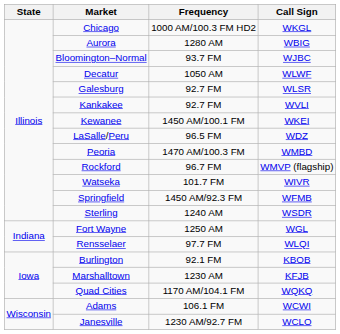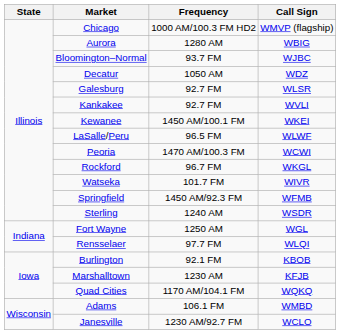 <table class="wikitable" style="text-align: center;">
 <tr>
 <th>State</th>
 <th>Market</th>
 <th>Frequency</th>
 <th>Call Sign</th>
 </tr>
 <tr>
 <td rowspan="13"><a href='#'>Illinois</a></td>
 <td rowspan=1><a href='#'>Chicago</a></td>
 <td>1000 AM/100.3 FM HD2</td>
-<td><a href='#'>WKGL</a></td>
+<td><a href='#'>WMVP</a> (flagship)</td>
 </tr>
 <tr>
 <td><a href='#'>Aurora</a></td>
 <td>1280 AM</td>
 <td><a href='#'>WBIG</a></td>
 </tr>
 <tr>
 <td><a href='#'>Bloomington–Normal</a></td>
 <td>93.7 FM</td>
 <td><a href='#'>WJBC</a></td>
 </tr>
 <tr>
 <td><a href='#'>Decatur</a></td>
 <td>1050 AM</td>
-<td><a href='#'>WLWF</a></td>
+<td><a href='#'>WDZ</a></td>
 </tr>
 <tr>
 <td><a href='#'>Galesburg</a></td>
 <td>92.7 FM</td>
 <td><a href='#'>WLSR</a></td>
 </tr>
 <tr>
 <td><a href='#'>Kankakee</a></td>
 <td>92.7 FM</td>
 <td><a href='#'>WVLI</a></td>
 </tr>
 <tr>
 <td><a href='#'>Kewanee</a></td>
 <td>1450 AM/100.1 FM</td>
 <td><a href='#'>WKEI</a></td>
 </tr>
 <tr>
 <td><a href='#'>LaSalle</a>/<a href='#'>Peru</a></td>
 <td>96.5 FM</td>
-<td><a href='#'>WDZ</a></td>
+<td><a href='#'>WLWF</a></td>
 </tr>
 <tr>
 <td><a href='#'>Peoria</a></td>
 <td>1470 AM/100.3 FM</td>
-<td><a href='#'>WMBD</a></td>
+<td><a href='#'>WCWI</a></td>
 </tr>
 <tr>
 <td><a href='#'>Rockford</a></td>
 <td>96.7 FM</td>
-<td><a href='#'>WMVP</a> (flagship)</td>
+<td><a href='#'>WKGL</a></td>
 </tr>
 <tr>
 <td><a href='#'>Watseka</a></td>
 <td>101.7 FM</td>
 <td><a href='#'>WIVR</a></td>
 </tr>
 <tr>
 <td><a href='#'>Springfield</a></td>
 <td>1450 AM/92.3 FM</td>
 <td><a href='#'>WFMB</a></td>
 </tr>
 <tr>
 <td><a href='#'>Sterling</a></td>
 <td>1240 AM</td>
 <td><a href='#'>WSDR</a></td>
 </tr>
 <tr>
 <td rowspan="2"><a href='#'>Indiana</a></td>
 <td><a href='#'>Fort Wayne</a></td>
 <td>1250 AM</td>
 <td><a href='#'>WGL</a></td>
 </tr>
 <tr>
 <td><a href='#'>Rensselaer</a></td>
 <td>97.7 FM</td>
 <td><a href='#'>WLQI</a></td>
 </tr>
 <tr>
 <td rowspan="3"><a href='#'>Iowa</a></td>
 <td><a href='#'>Burlington</a></td>
 <td>92.1 FM</td>
 <td><a href='#'>KBOB</a></td>
 </tr>
 <tr>
 <td><a href='#'>Marshalltown</a></td>
 <td>1230 AM</td>
 <td><a href='#'>KFJB</a></td>
 </tr>
 <tr>
 <td><a href='#'>Quad Cities</a></td>
 <td>1170 AM/104.1 FM</td>
 <td><a href='#'>WQKQ</a></td>
 </tr>
 <tr>
 <td rowspan="2"><a href='#'>Wisconsin</a></td>
 <td><a href='#'>Adams</a></td>
 <td>106.1 FM</td>
-<td><a href='#'>WCWI</a></td>
+<td><a href='#'>WMBD</a></td>
 </tr>
 <tr>
 <td><a href='#'>Janesville</a></td>
 <td>1230 AM/92.7 FM</td>
 <td><a href='#'>WCLO</a></td>
 </tr>
 </table>
